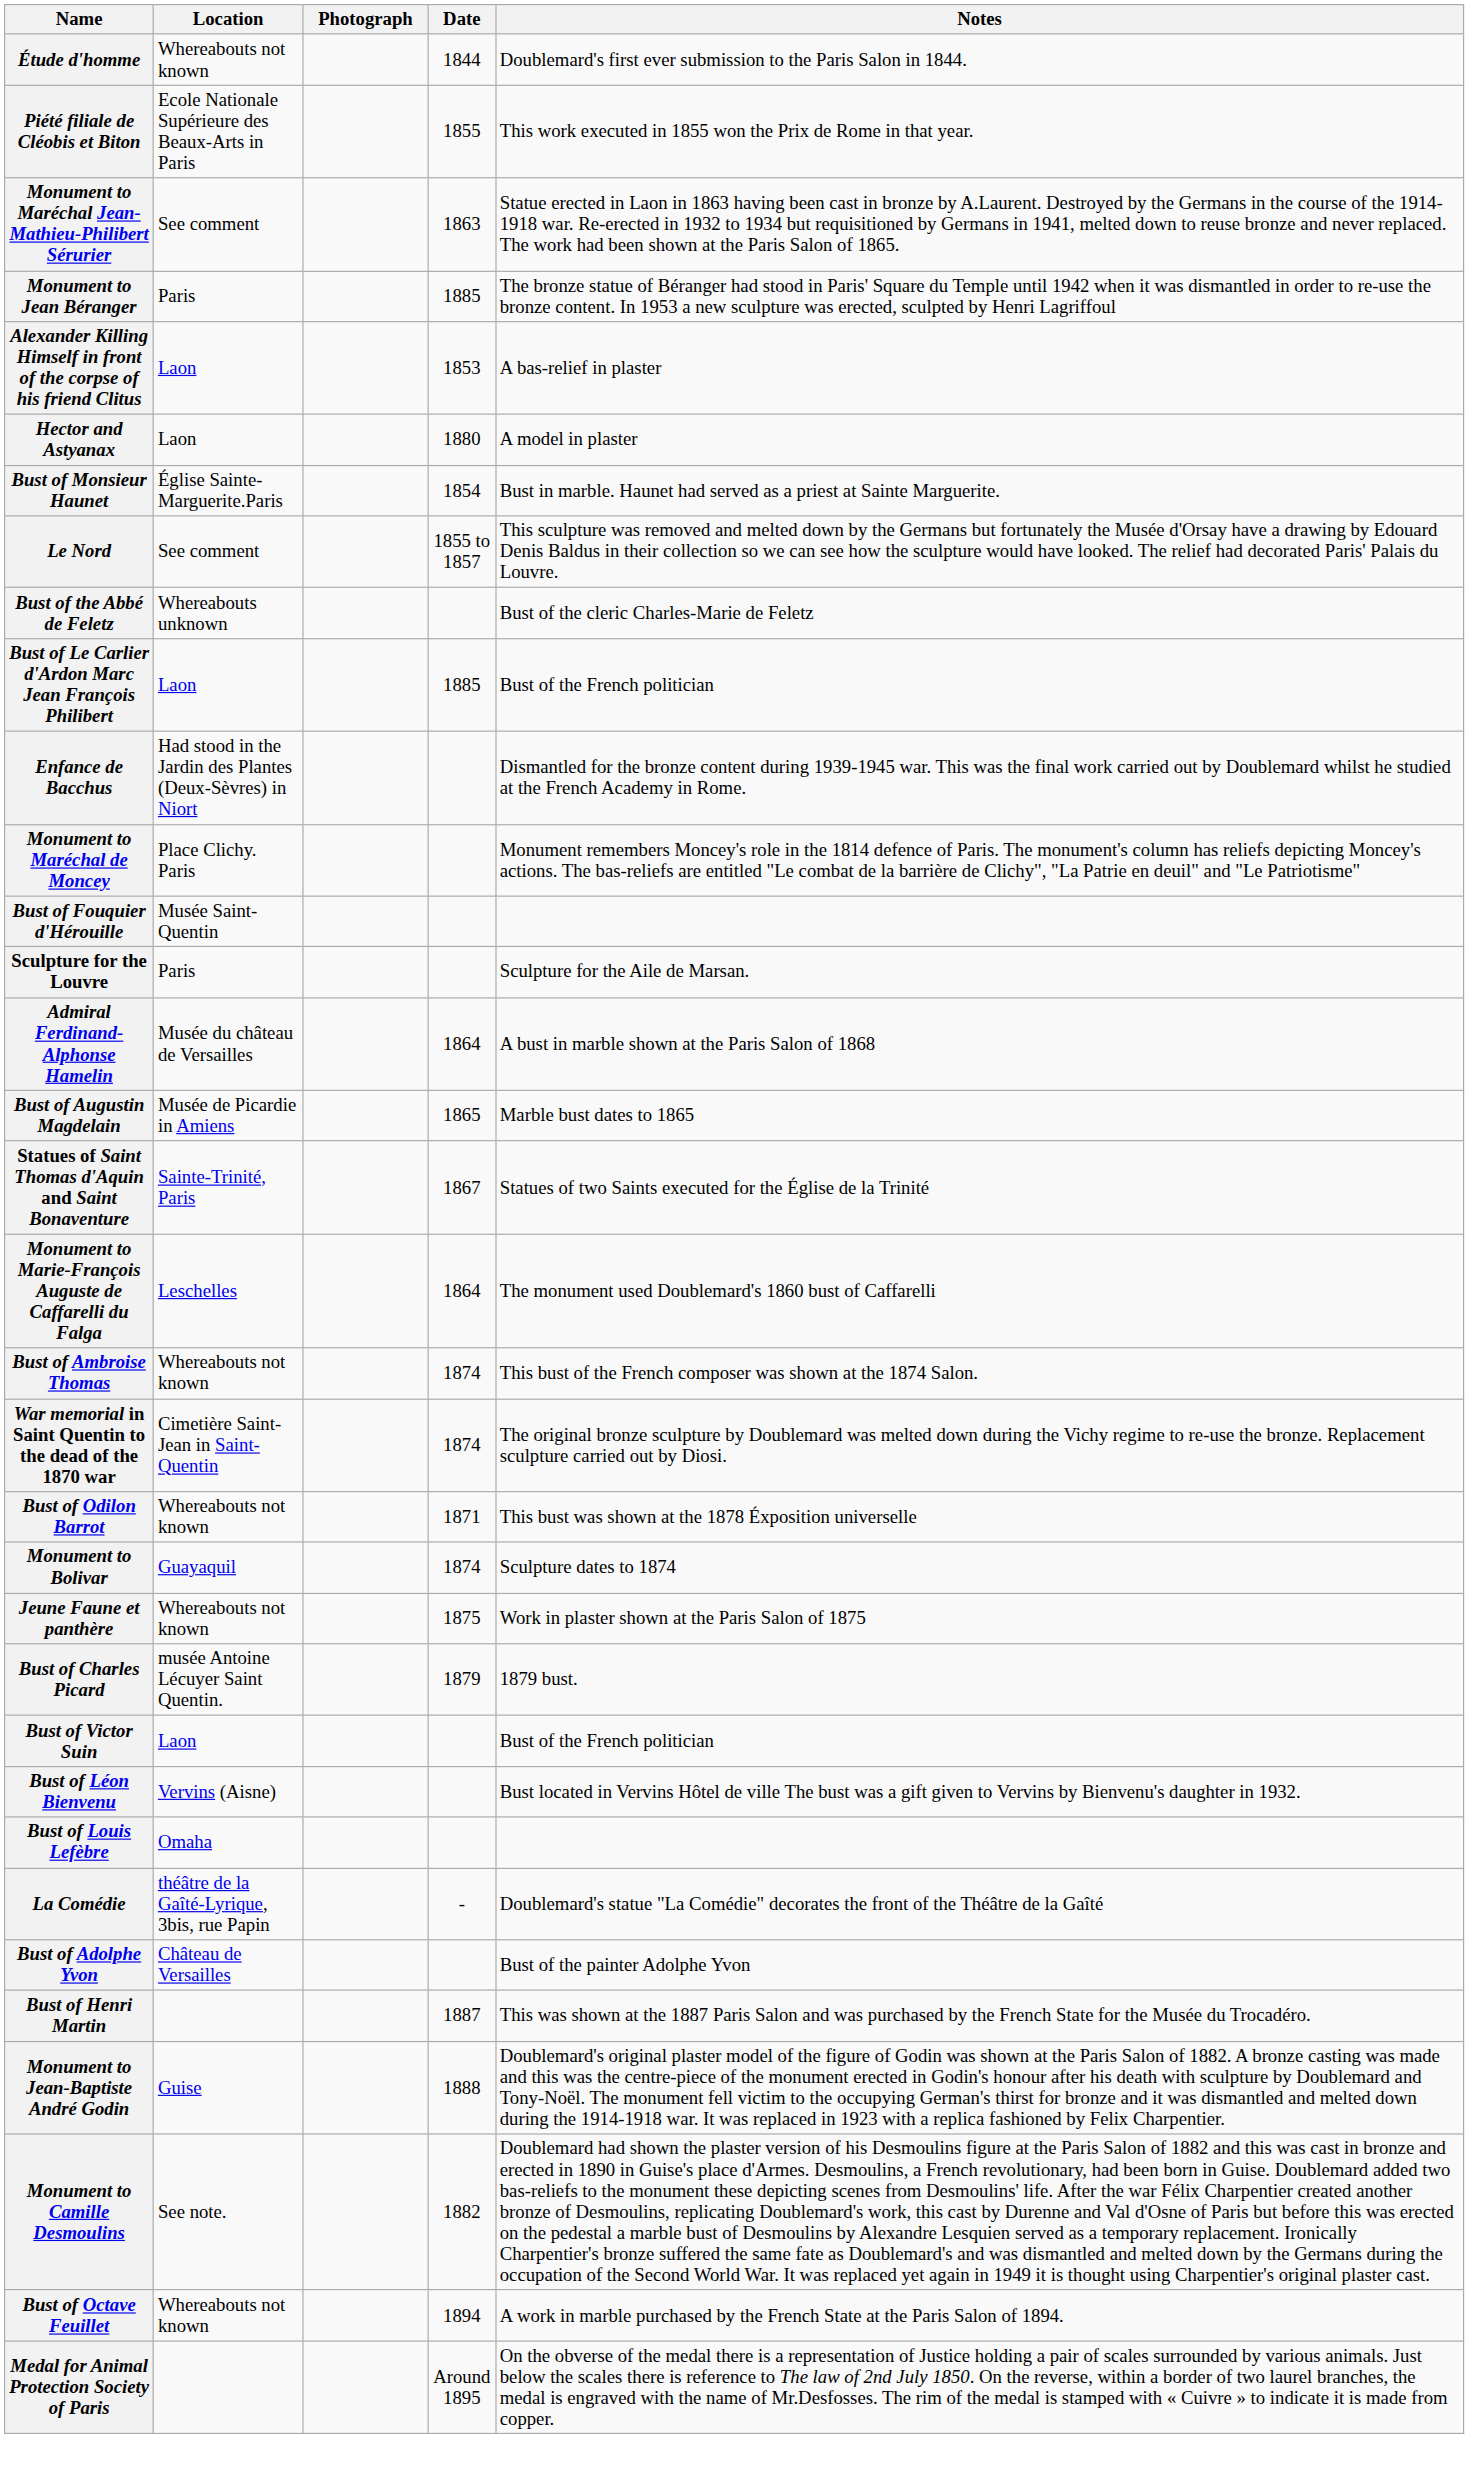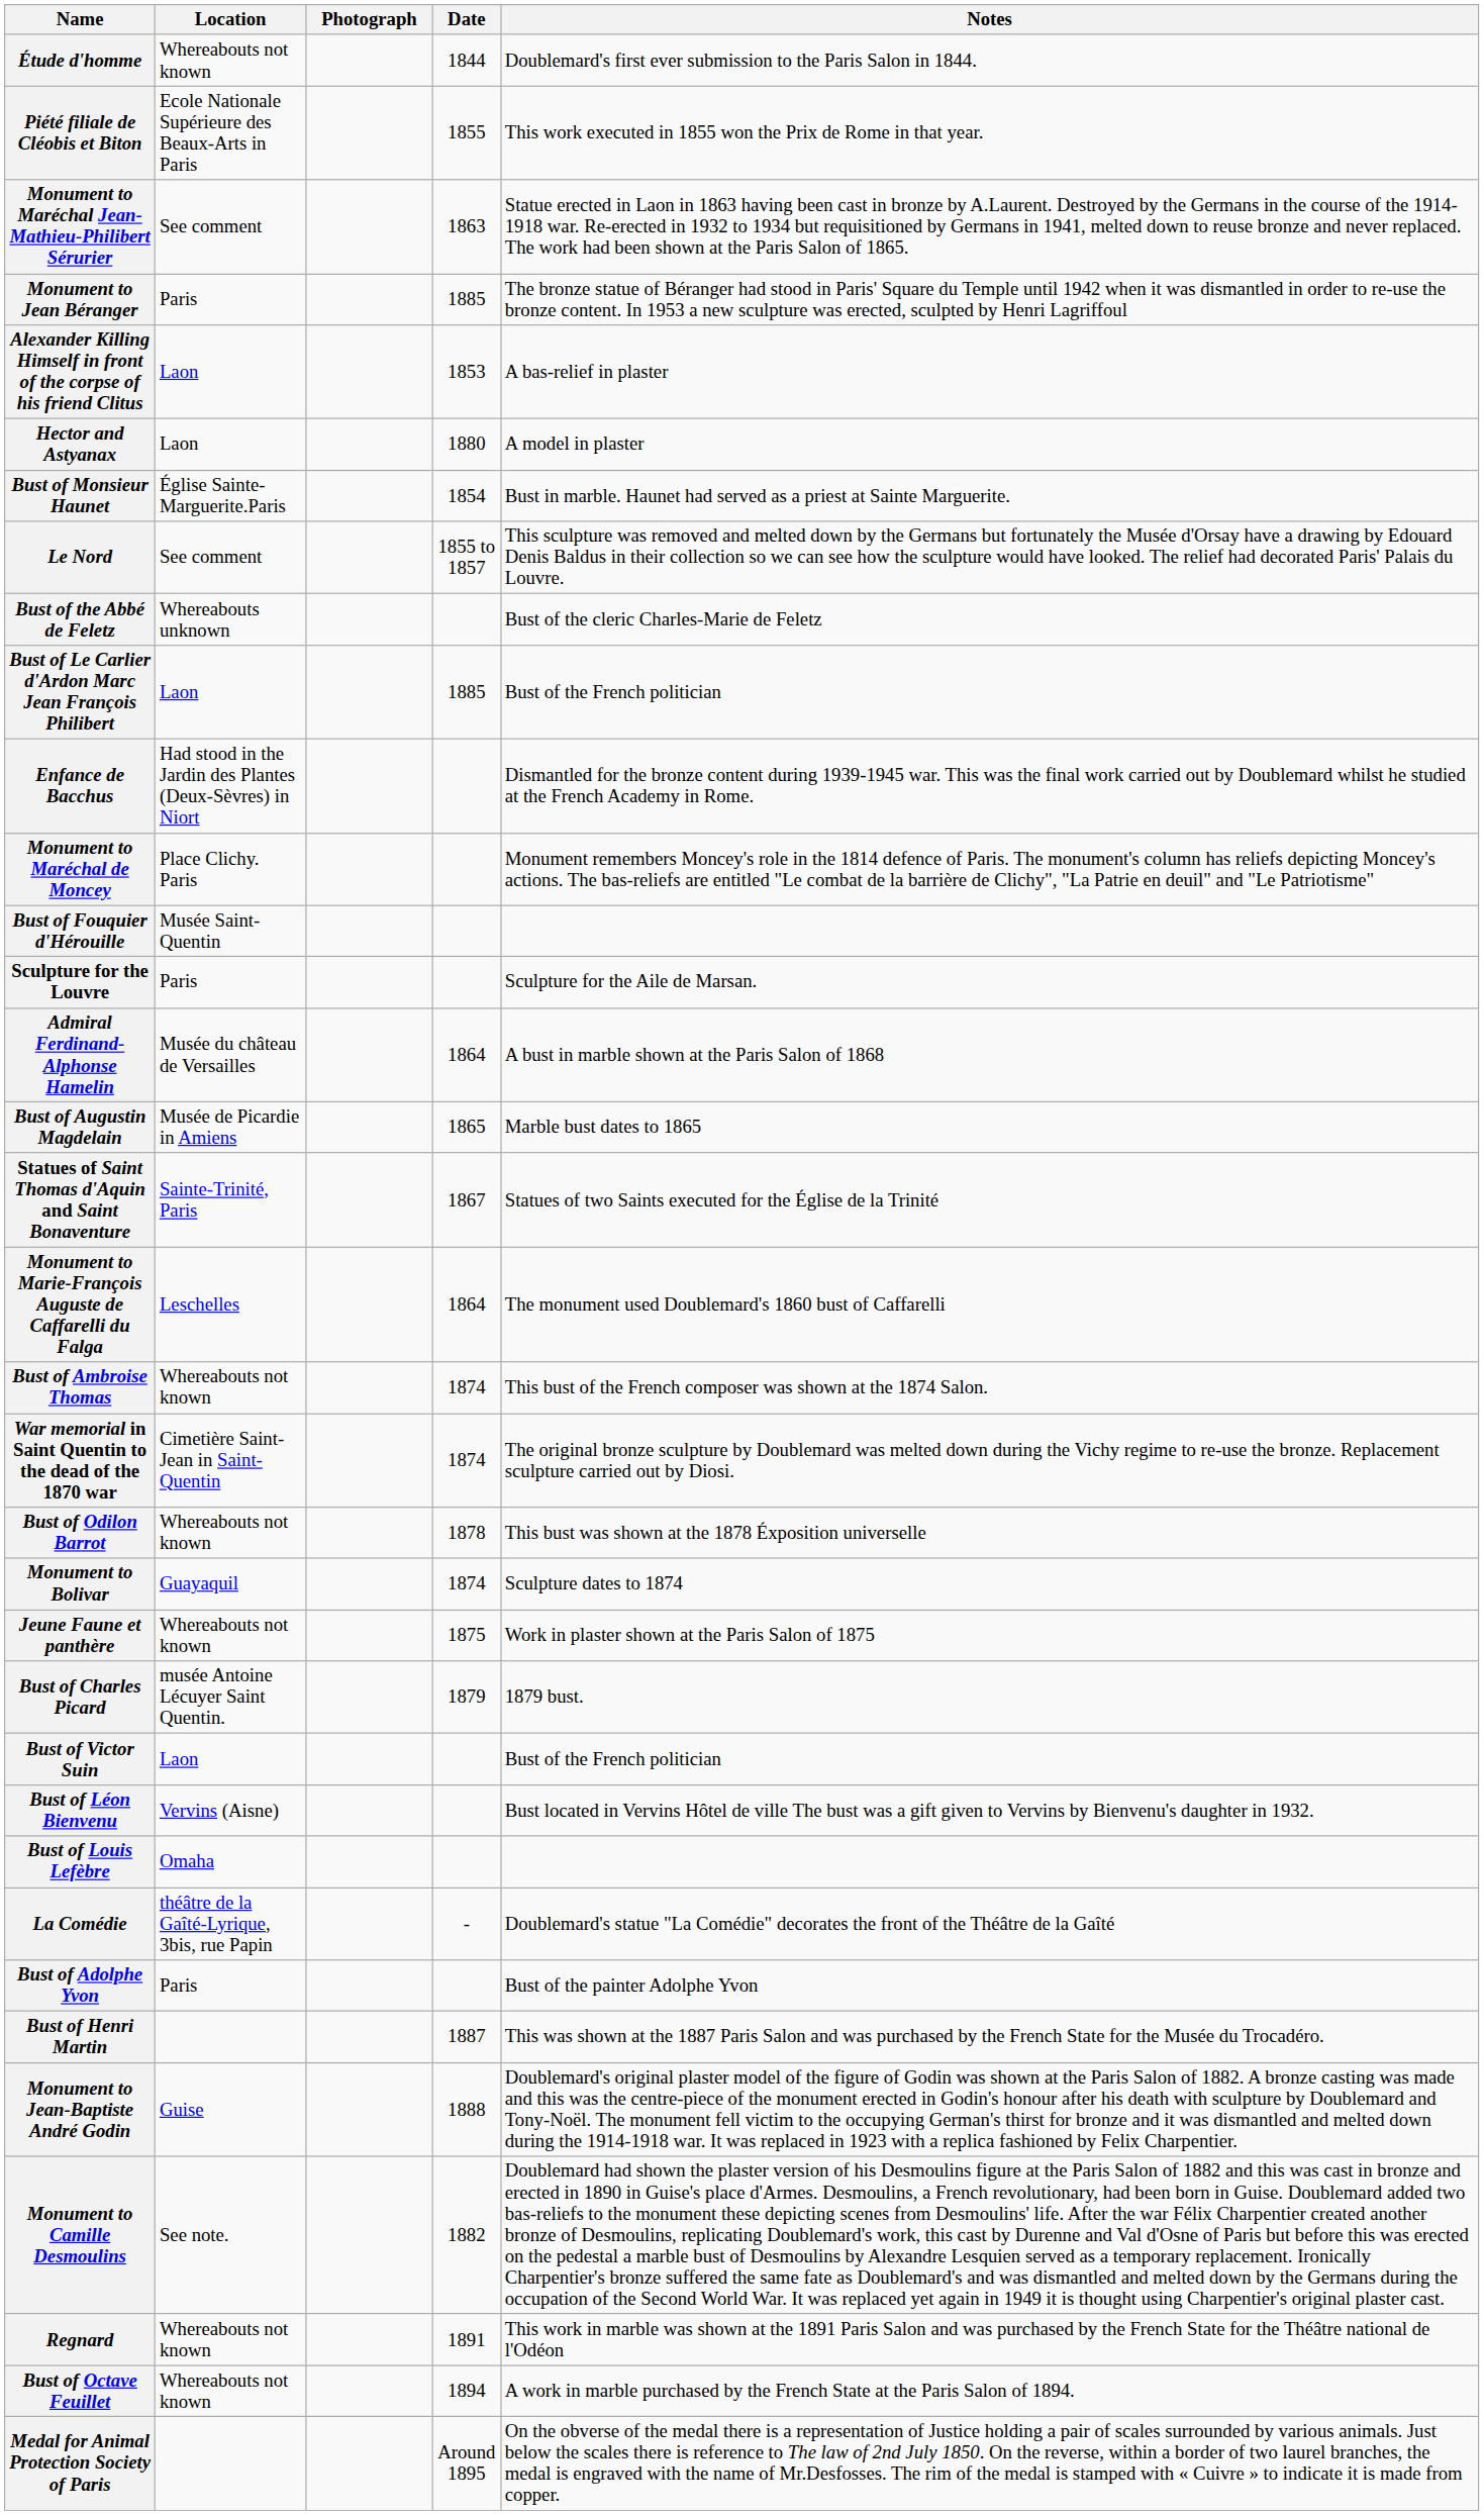 <table class="wikitable sortable plainrowheaders">
 <tr>
 <th scope="col" style="width:120px">Name</th>
 <th scope="col" style="width:120px">Location</th>
 <th scope="col" style="width:100px" class="unsortable">Photograph</th>
 <th scope="col" style="width:50px">Date</th>
 <th scope="col" class="unsortable">Notes</th>
 </tr>
 <tr>
 <th scope="row"><em>Étude d'homme</em></th>
 <td>Whereabouts not known</td>
 <td></td>
 <td align="center">1844</td>
 <td>Doublemard's first ever submission to the Paris Salon in 1844.</td>
 </tr>
 <tr>
 <th scope="row"><em>Piété filiale de Cléobis et Biton</em></th>
 <td>Ecole Nationale Supérieure des Beaux-Arts in Paris<br></td>
 <td></td>
 <td align="center">1855</td>
 <td>This work executed in 1855 won the Prix de Rome in that year.</td>
 </tr>
 <tr>
 <th scope="row"><em>Monument to Maréchal <a href='#'>Jean-Mathieu-Philibert Sérurier</a></em></th>
 <td>See comment<br></td>
 <td></td>
 <td align="center">1863</td>
 <td>Statue erected in Laon in 1863 having been cast in bronze by A.Laurent. Destroyed by the Germans in the course of the 1914-1918 war. Re-erected in 1932 to 1934 but requisitioned by Germans in 1941, melted down to reuse bronze and never replaced. The work had been shown at the Paris Salon of 1865.<br></td>
 </tr>
 <tr>
 <th scope="row"><em>Monument to Jean Béranger</em></th>
 <td>Paris<br></td>
 <td></td>
 <td align="center">1885</td>
 <td>The bronze statue of Béranger had stood in Paris' Square du Temple until 1942 when it was dismantled in order to re-use the bronze content. In 1953 a new sculpture was erected, sculpted by Henri Lagriffoul</td>
 </tr>
 <tr>
 <th scope="row"><em>Alexander Killing Himself in front of the corpse of his friend Clitus</em></th>
 <td><a href='#'>Laon</a></td>
 <td></td>
 <td align="center">1853</td>
 <td>A bas-relief in plaster</td>
 </tr>
 <tr>
 <th scope="row"><em>Hector and Astyanax</em></th>
 <td>Laon</td>
 <td></td>
 <td align="center">1880</td>
 <td>A model in plaster</td>
 </tr>
 <tr>
 <th scope="row"><em>Bust of Monsieur Haunet</em></th>
 <td>Église Sainte-Marguerite.Paris</td>
 <td></td>
 <td align="center">1854</td>
 <td>Bust in marble. Haunet had served as a priest at Sainte Marguerite.<br></td>
 </tr>
 <tr>
 <th scope="row"><em>Le Nord</em></th>
 <td>See comment</td>
 <td></td>
 <td align="center">1855 to 1857</td>
 <td>This sculpture was removed and melted down by the Germans but fortunately the Musée d'Orsay have a drawing by Edouard Denis Baldus in their collection so we can see how the sculpture would have looked. The relief had decorated Paris' Palais du Louvre.</td>
 </tr>
 <tr>
 <th scope="row"><em>Bust of the Abbé de Feletz</em></th>
 <td>Whereabouts unknown<br></td>
 <td></td>
 <td align="center"></td>
 <td>Bust of the cleric Charles-Marie de Feletz</td>
 </tr>
 <tr>
 <th scope="row"><em>Bust of Le Carlier d'Ardon Marc Jean François Philibert</em></th>
 <td><a href='#'>Laon</a></td>
 <td></td>
 <td align="center">1885</td>
 <td>Bust of the French politician</td>
 </tr>
 <tr>
 <th scope="row"><em>Enfance de Bacchus</em></th>
 <td>Had stood in the Jardin des Plantes (Deux-Sèvres) in <a href='#'>Niort</a></td>
 <td></td>
 <td align="center"></td>
 <td>Dismantled for the bronze content during 1939-1945 war. This was the final work carried out by Doublemard whilst he studied at the French Academy in Rome.<br></td>
 </tr>
 <tr>
 <th scope="row"><em>Monument to <a href='#'>Maréchal de Moncey</a></em></th>
 <td>Place Clichy. Paris<br></td>
 <td></td>
 <td align="center"></td>
 <td>Monument remembers Moncey's role in the 1814 defence of Paris. The monument's column has reliefs depicting Moncey's actions. The bas-reliefs are entitled "Le combat de la barrière de Clichy", "La Patrie en deuil" and "Le Patriotisme"<br></td>
 </tr>
 <tr>
 <th scope="row"><em>Bust of Fouquier d'Hérouille</em></th>
 <td>Musée Saint-Quentin</td>
 <td></td>
 <td align="center"></td>
 <td></td>
 </tr>
 <tr>
 <th scope="row">Sculpture for the Louvre</th>
 <td>Paris<br></td>
 <td></td>
 <td align="center"></td>
 <td>Sculpture for the Aile de Marsan.<br></td>
 </tr>
 <tr>
 <th scope="row"><em>Admiral <a href='#'>Ferdinand-Alphonse Hamelin</a></em></th>
 <td>Musée du château de Versailles<br></td>
 <td></td>
 <td align="center">1864</td>
 <td>A bust in marble shown at the Paris Salon of 1868</td>
 </tr>
 <tr>
 <th scope="row"><em>Bust of Augustin Magdelain</em></th>
 <td>Musée de Picardie in <a href='#'>Amiens</a></td>
 <td></td>
 <td align="center">1865</td>
 <td>Marble bust dates to 1865</td>
 </tr>
 <tr>
 <th scope="row">Statues of <em>Saint Thomas d'Aquin</em> and <em>Saint Bonaventure</em></th>
 <td><a href='#'>Sainte-Trinité, Paris</a><br></td>
 <td></td>
 <td align="center">1867</td>
 <td>Statues of two Saints executed for the Église de la Trinité</td>
 </tr>
 <tr>
 <th scope="row"><em>Monument to Marie-François Auguste de Caffarelli du Falga</em></th>
 <td><a href='#'>Leschelles</a></td>
 <td></td>
 <td align="center">1864</td>
 <td>The monument used Doublemard's 1860 bust of Caffarelli</td>
 </tr>
 <tr>
 <th scope="row"><em>Bust of <a href='#'>Ambroise Thomas</a></em></th>
 <td>Whereabouts not known<br></td>
 <td></td>
 <td align="center">1874</td>
 <td>This bust of the French composer was shown at the 1874 Salon.</td>
 </tr>
 <tr>
 <th scope="row"><em>War memorial</em> in Saint Quentin to the dead of the 1870 war</th>
 <td>Cimetière Saint-Jean in <a href='#'>Saint-Quentin</a></td>
 <td></td>
 <td align="center">1874</td>
 <td>The original bronze sculpture by Doublemard was melted down during the Vichy regime to re-use the bronze. Replacement sculpture carried out by Diosi.<br></td>
 </tr>
 <tr>
 <th scope="row"><em>Bust of <a href='#'>Odilon Barrot</a></em></th>
 <td>Whereabouts not known<br></td>
 <td></td>
-<td align="center">1871</td>
+<td align="center">1878</td>
 <td>This bust was shown at the 1878 Éxposition universelle</td>
 </tr>
 <tr>
 <th scope="row"><em>Monument to Bolivar</em></th>
 <td><a href='#'>Guayaquil</a><br></td>
 <td></td>
 <td align="center">1874</td>
 <td>Sculpture dates to 1874</td>
 </tr>
 <tr>
 <th scope="row"><em>Jeune Faune et panthère</em></th>
 <td>Whereabouts not known<br></td>
 <td></td>
 <td align="center">1875</td>
 <td>Work in plaster shown at the Paris Salon of 1875</td>
 </tr>
 <tr>
 <th scope="row"><em>Bust of Charles Picard</em></th>
 <td>musée Antoine Lécuyer Saint Quentin.</td>
 <td></td>
 <td align="center">1879</td>
 <td>1879 bust.</td>
 </tr>
 <tr>
 <th scope="row"><em>Bust of Victor Suin</em></th>
 <td><a href='#'>Laon</a></td>
 <td></td>
 <td align="center"></td>
 <td>Bust of the French politician</td>
 </tr>
 <tr>
 <th scope="row"><em>Bust of <a href='#'>Léon Bienvenu</a></em></th>
 <td><a href='#'>Vervins</a> (Aisne)</td>
 <td></td>
 <td align="center"></td>
 <td>Bust located in Vervins Hôtel de ville The bust was a gift given to Vervins by Bienvenu's daughter in 1932.</td>
 </tr>
 <tr>
 <th scope="row"><em>Bust of <a href='#'>Louis Lefèbre</a></em></th>
 <td><a href='#'>Omaha</a></td>
 <td></td>
 <td align="center"></td>
 <td></td>
 </tr>
 <tr>
 <th scope="row"><em>La Comédie</em></th>
 <td><a href='#'>théâtre de la Gaîté-Lyrique</a>, 3bis, rue Papin</td>
 <td></td>
 <td align="center">-</td>
 <td>Doublemard's statue "La Comédie" decorates the front of the Théâtre de la Gaîté</td>
 </tr>
 <tr>
 <th scope="row"><em>Bust of <a href='#'>Adolphe Yvon</a></em></th>
-<td><a href='#'>Château de Versailles</a><br></td>
+<td>Paris<br></td>
 <td></td>
 <td align="center"></td>
 <td>Bust of the painter Adolphe Yvon</td>
 </tr>
 <tr>
 <th scope="row"><em>Bust of Henri Martin</em></th>
 <td></td>
 <td></td>
 <td align="center">1887</td>
 <td>This was shown at the 1887 Paris Salon and was purchased by the French State for the Musée du Trocadéro.<br></td>
 </tr>
 <tr>
 <th scope="row"><em>Monument to Jean-Baptiste André Godin</em></th>
 <td><a href='#'>Guise</a></td>
 <td></td>
 <td align="center">1888</td>
 <td>Doublemard's original plaster model of the figure of Godin was shown at the Paris Salon of 1882.  A bronze casting was made and this was the centre-piece of the monument erected in Godin's honour after his death with sculpture by Doublemard and Tony-Noël. The monument fell victim to the occupying German's thirst for bronze and it was dismantled and melted down during the 1914-1918 war. It was replaced in 1923 with a replica fashioned by Felix Charpentier.<br> </td>
 </tr>
 <tr>
 <th scope="row"><em>Monument to <a href='#'>Camille Desmoulins</a></em></th>
 <td>See note.</td>
 <td></td>
 <td align="center">1882</td>
 <td>Doublemard had shown the plaster version of his Desmoulins figure at the Paris Salon of 1882 and this was cast in bronze and erected in 1890 in Guise's place d'Armes.  Desmoulins, a French revolutionary, had been born in Guise. Doublemard added two bas-reliefs to the monument these depicting scenes from Desmoulins' life.  After the war Félix Charpentier created another bronze of Desmoulins, replicating Doublemard's work, this cast by Durenne and Val d'Osne of Paris but before this was erected on the pedestal a marble bust of Desmoulins by Alexandre Lesquien served as a temporary replacement. Ironically Charpentier's bronze suffered the same fate as Doublemard's and was dismantled and melted down by the Germans during the occupation of the Second World War. It was replaced yet again in 1949 it is thought using Charpentier's original plaster cast.<br></td>
 </tr>
 <tr>
+<th scope="row"><em>Regnard</em></th>
+<td>Whereabouts not known</td>
+<td></td>
+<td align="center">1891</td>
+<td>This work in marble was shown at the 1891 Paris Salon and was purchased by the French State for the Théâtre national de l'Odéon</td>
+</tr>
+<tr>
 <th scope="row"><em>Bust of <a href='#'>Octave Feuillet</a></em></th>
 <td>Whereabouts not known<br></td>
 <td></td>
 <td align="center">1894</td>
 <td>A work in marble purchased by the French State at the Paris Salon of 1894.<br></td>
 </tr>
 <tr>
 <th scope="row"><em>Medal for Animal Protection Society of Paris</em></th>
 <td></td>
 <td></td>
 <td align="center">Around 1895</td>
 <td>On the obverse of the medal there is a representation of Justice holding a pair of scales surrounded by various animals. Just below the scales there is reference to <em>The law of 2nd July 1850</em>. On the reverse, within a border of two laurel branches, the medal is engraved with the name of Mr.Desfosses. The rim of the medal is stamped with « Cuivre » to indicate it is made from copper.</td>
 </tr>
 <tr>
 </tr>
 </table>
